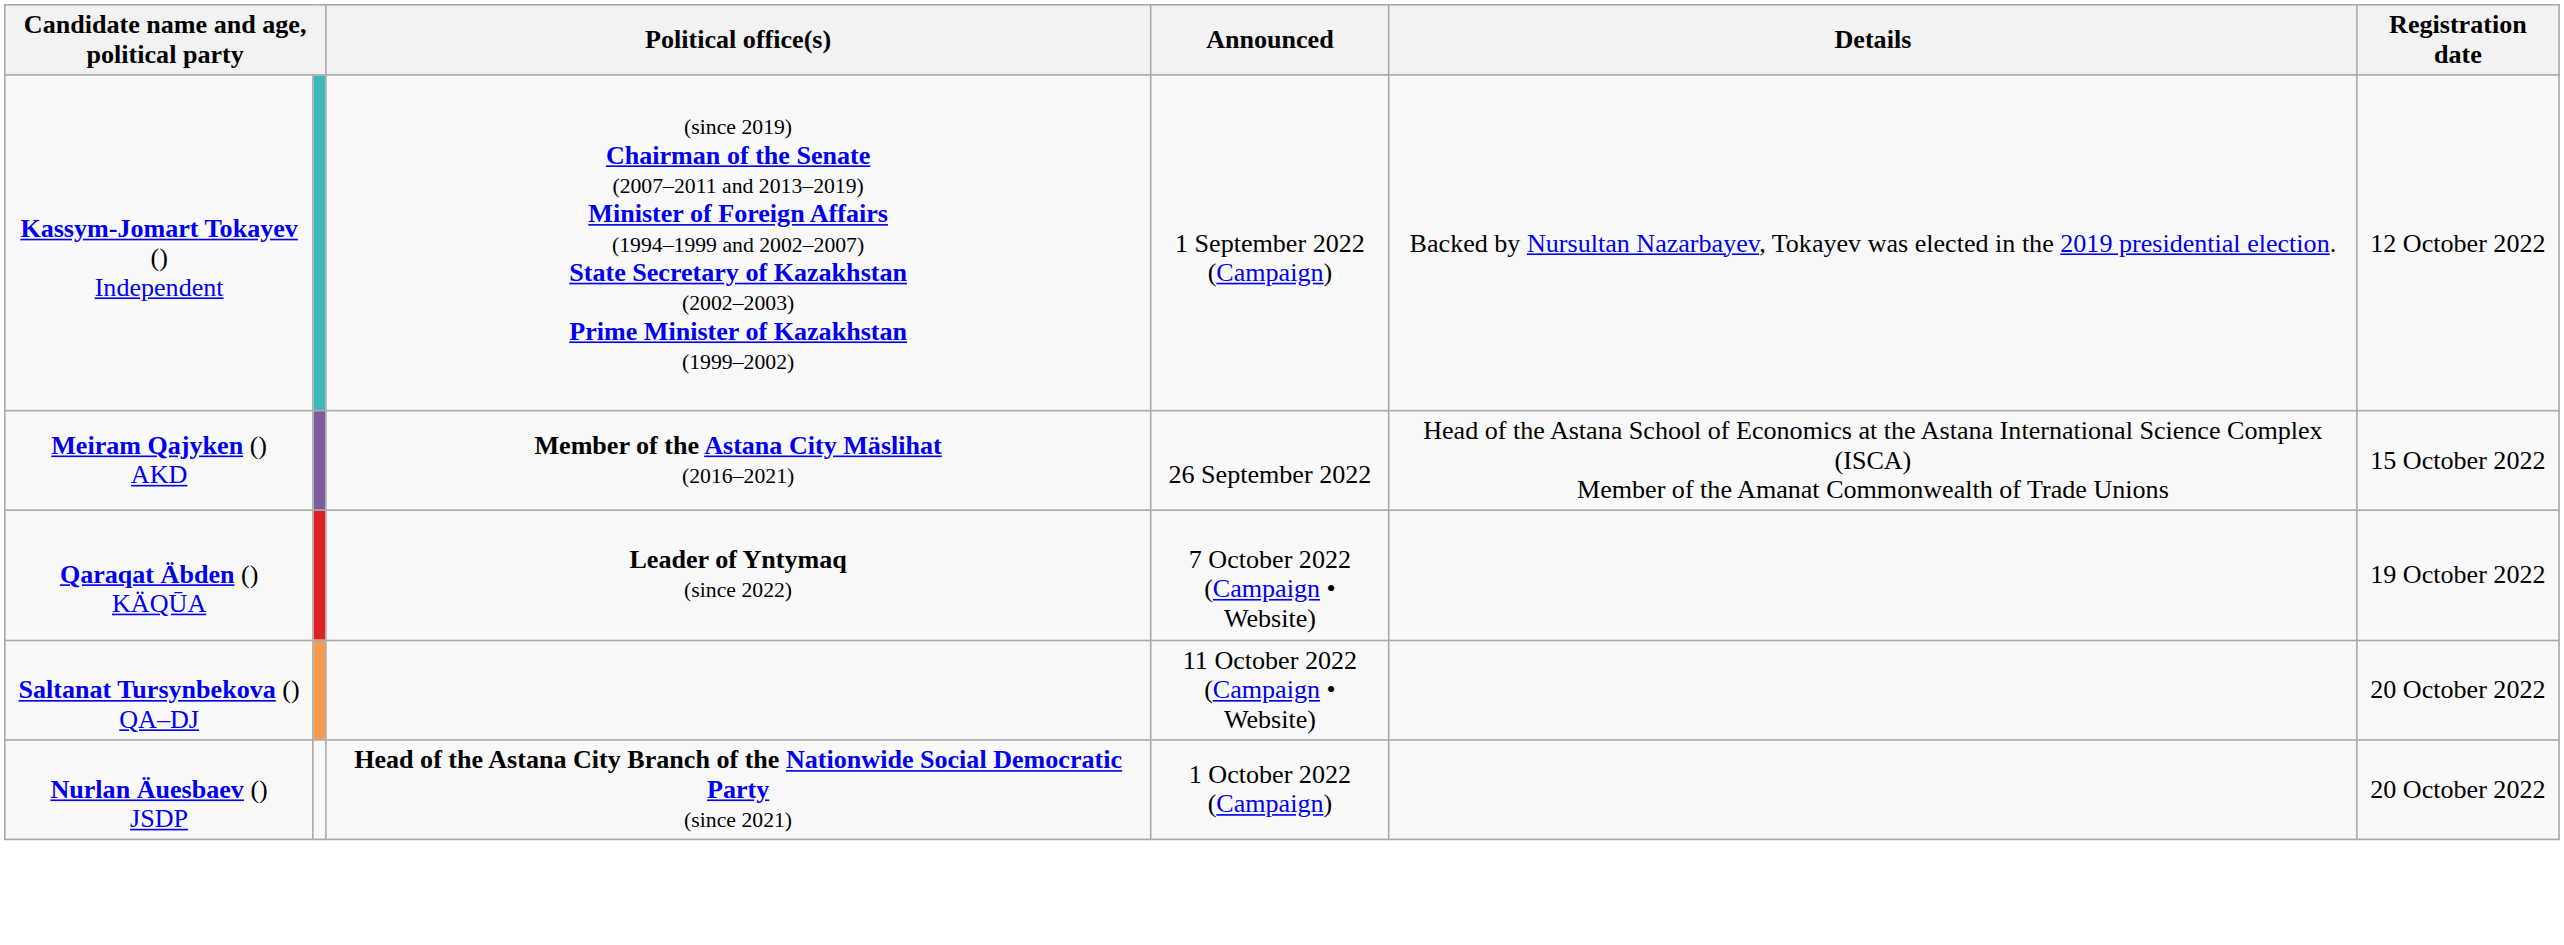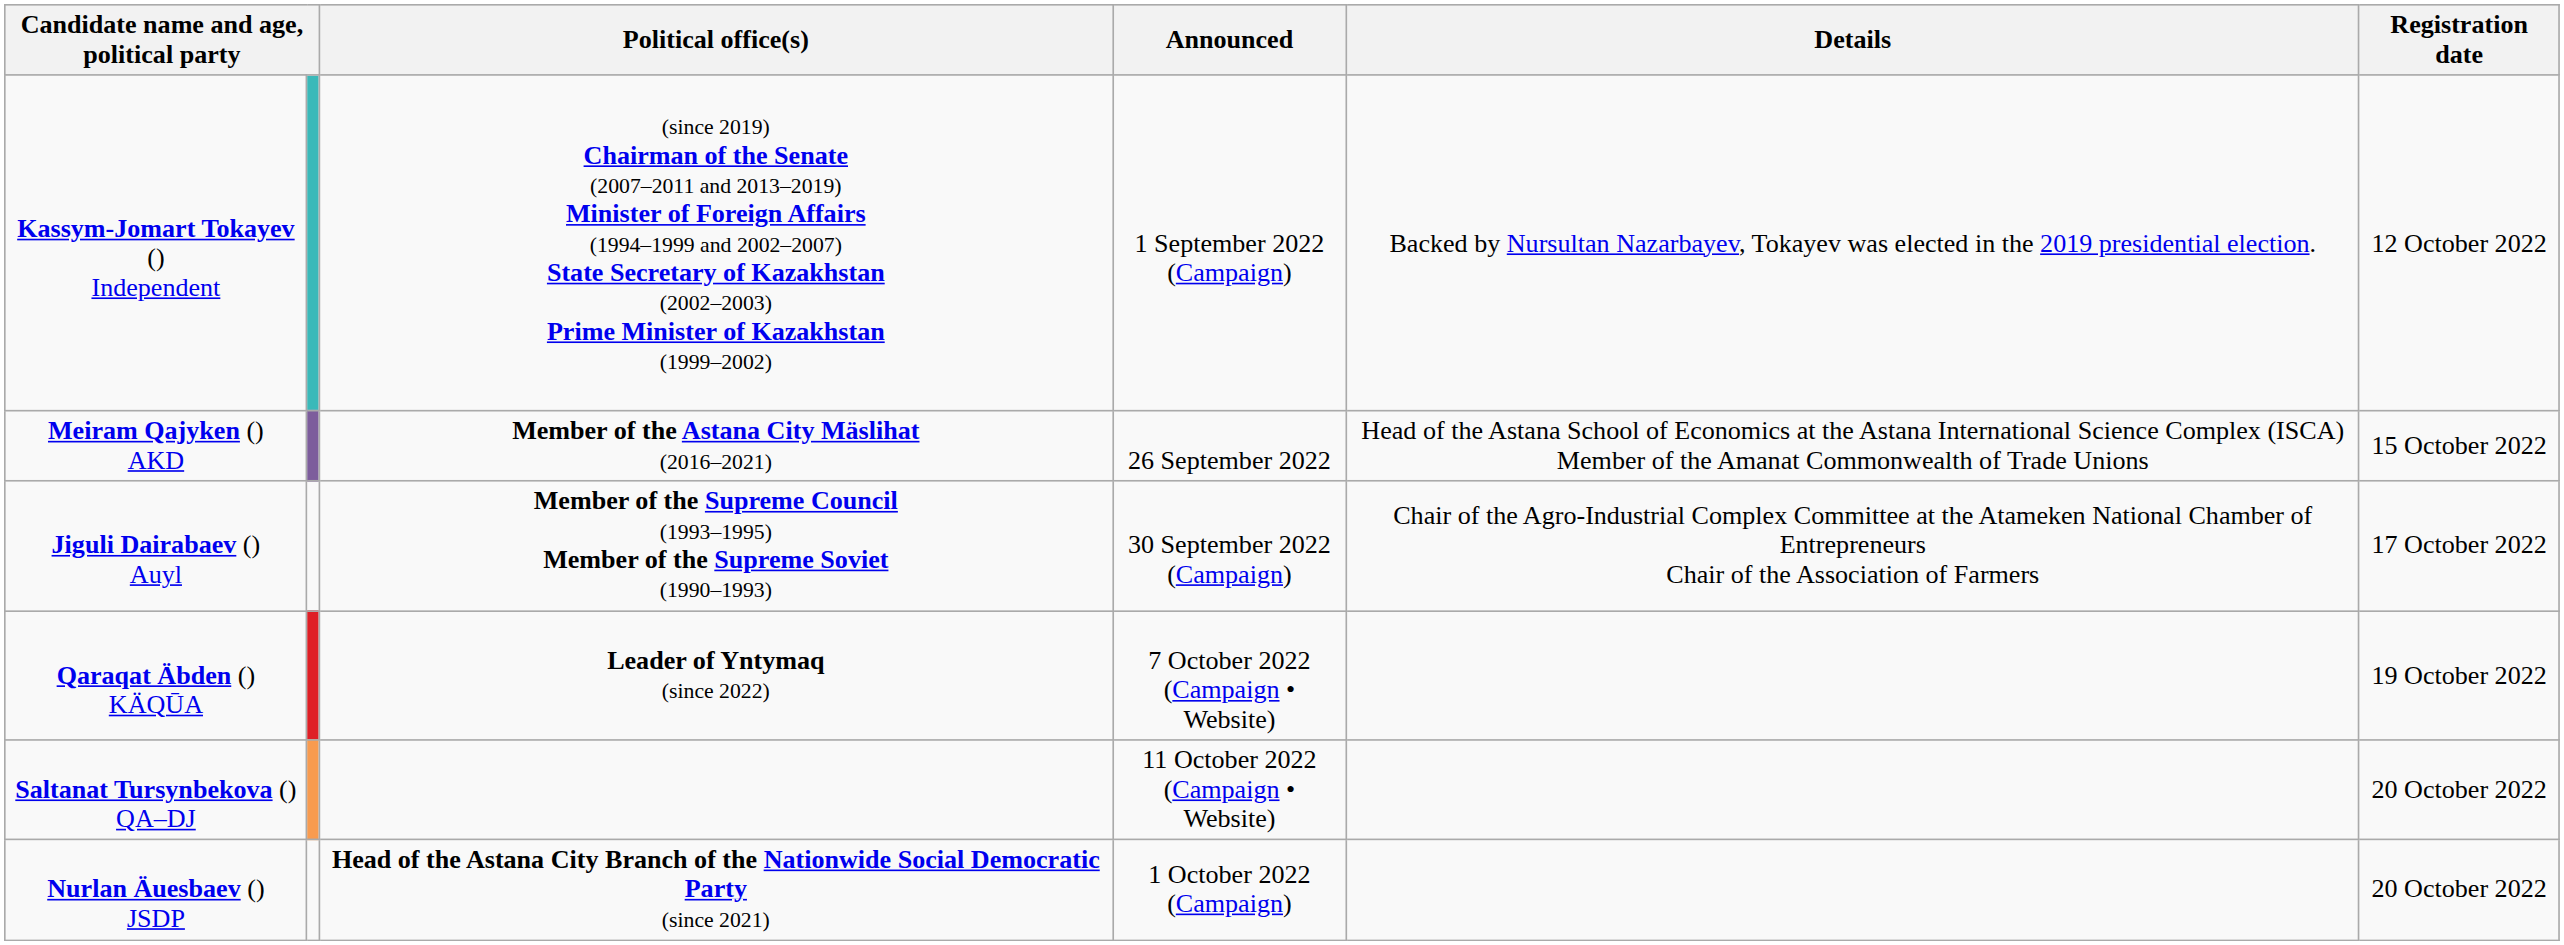 <table class="wikitable" style="text-align:center;">
 <tr>
 <th colspan="2">Candidate name and age,<br>political party</th>
 <th>Political office(s)</th>
 <th>Announced</th>
 <th>Details</th>
 <th>Registration date</th>
 </tr>
 <tr>
 <td><br><strong><a href='#'>Kassym-Jomart Tokayev</a></strong> ()<br><a href='#'>Independent</a><br></td>
 <td style="background-color:#3AB9B9;"></td>
 <td><br><small>(since 2019)</small><br><strong><a href='#'>Chairman of the Senate</a></strong><br><small>(2007–2011 and 2013–2019)</small><br><strong><a href='#'>Minister of Foreign Affairs</a></strong><br><small>(1994–1999 and 2002–2007)</small><br><strong><a href='#'>State Secretary of Kazakhstan</a></strong><br><small>(2002–2003)</small><br><strong><a href='#'>Prime Minister of Kazakhstan</a></strong><br><small>(1999–2002)</small><br><br></td>
 <td><br>1 September 2022<br>(<a href='#'>Campaign</a>)</td>
 <td>Backed by <a href='#'>Nursultan Nazarbayev</a>, Tokayev was elected in the <a href='#'>2019 presidential election</a>.</td>
 <td>12 October 2022</td>
 </tr>
 <tr>
 <td><strong><a href='#'>Meiram Qajyken</a></strong> ()<br><a href='#'>AKD</a></td>
 <td style="background-color:#7D5D9C;"></td>
 <td><strong>Member of the <a href='#'>Astana City Mäslihat</a></strong><br><small>(2016–2021)</small></td>
 <td><br>26 September 2022</td>
 <td>Head of the Astana School of Economics at the Astana International Science Complex (ISCA)<br>Member of the Amanat Commonwealth of Trade Unions</td>
 <td>15 October 2022</td>
+</tr>
+<tr>
+<td><br><strong><a href='#'>Jiguli Dairabaev</a></strong> ()<br><a href='#'>Auyl</a></td>
+<td style="background-color:"></td>
+<td><strong>Member of the <a href='#'>Supreme Council</a></strong><br><small>(1993–1995)</small><br><strong>Member of the <a href='#'>Supreme Soviet</a></strong><br><small>(1990–1993)</small></td>
+<td><br>30 September 2022<br>(<a href='#'>Campaign</a>)</td>
+<td>Chair of the Agro-Industrial Complex Committee at the Atameken National Chamber of Entrepreneurs<br>Chair of the Association of Farmers</td>
+<td>17 October 2022</td>
 </tr>
 <tr>
 <td><br><strong><a href='#'>Qaraqat Äbden</a></strong> ()<br><a href='#'>KÄQŪA</a></td>
 <td style="background-color:#DF1F26;"></td>
 <td><strong>Leader of Yntymaq</strong><br><small>(since 2022)</small></td>
 <td><br>7 October 2022<br>(<a href='#'>Campaign</a> • Website)</td>
 <td></td>
 <td>19 October 2022</td>
 </tr>
 <tr>
 <td><br><strong><a href='#'>Saltanat Tursynbekova</a></strong> ()<br><a href='#'>QA–DJ</a></td>
 <td style="background-color:#F89B4F;"></td>
 <td></td>
 <td>11 October 2022<br>(<a href='#'>Campaign</a> • Website)</td>
 <td></td>
 <td>20 October 2022</td>
 </tr>
 <tr>
 <td><br><strong><a href='#'>Nurlan Äuesbaev</a></strong> ()<br><a href='#'>JSDP</a></td>
 <td style="background-color:"></td>
 <td><strong>Head of the Astana City Branch of the <a href='#'>Nationwide Social Democratic Party</a></strong><br><small>(since 2021)</small></td>
 <td>1 October 2022<br>(<a href='#'>Campaign</a>)</td>
 <td></td>
 <td>20 October 2022</td>
 </tr>
 </table>
